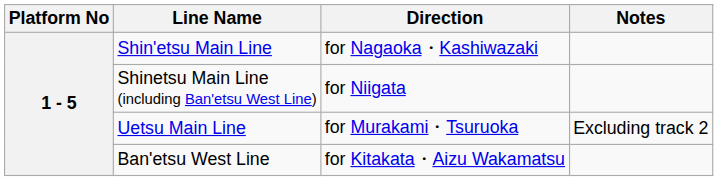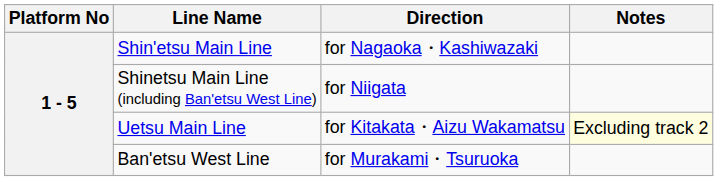 <table class="wikitable">
 <tr>
 <th nowrap="nowrap">Platform No </th>
 <th>Line Name</th>
 <th>Direction</th>
 <th>Notes</th>
 </tr>
 <tr>
 <th rowspan="4">1 - 5</th>
 <td> <a href='#'>Shin'etsu Main Line</a></td>
 <td>for <a href='#'>Nagaoka</a>・<a href='#'>Kashiwazaki</a></td>
 <td></td>
 </tr>
 <tr>
 <td>Shinetsu Main Line<br><small> (including <a href='#'>Ban'etsu West Line</a>)</small></td>
 <td>for <a href='#'>Niigata</a></td>
 <td></td>
 </tr>
 <tr>
 <td><a href='#'>Uetsu Main Line</a></td>
-<td>for <a href='#'>Murakami</a>・<a href='#'>Tsuruoka</a></td>
-<td>Excluding track 2</td>
+<td>for <a href='#'>Kitakata</a>・<a href='#'>Aizu Wakamatsu</a></td>
+<td style="background: lightyellow;">Excluding track 2</td>
 </tr>
 <tr>
 <td>Ban'etsu West Line</td>
-<td>for <a href='#'>Kitakata</a>・<a href='#'>Aizu Wakamatsu</a></td>
+<td>for <a href='#'>Murakami</a>・<a href='#'>Tsuruoka</a></td>
 <td></td>
 </tr>
 </table>
